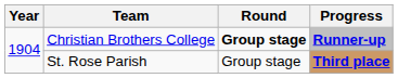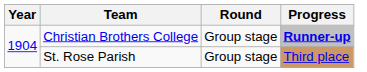 <table class="wikitable">
 <tr>
 <th>Year</th>
 <th>Team</th>
 <th>Round</th>
 <th>Progress</th>
 </tr>
 <tr>
 <td rowspan="2"><a href='#'>1904</a></td>
 <td><a href='#'>Christian Brothers College</a></td>
-<td><strong>Group stage</strong></td>
+<td>Group stage</td>
 <td bgcolor="silver"><strong><a href='#'>Runner-up</a></strong></td>
 </tr>
 <tr>
 <td>St. Rose Parish</td>
 <td>Group stage</td>
-<td bgcolor="cc9966"><strong><a href='#'>Third place</a></strong></td>
+<td bgcolor="cc9966"><a href='#'>Third place</a></td>
 </tr>
 </table>
